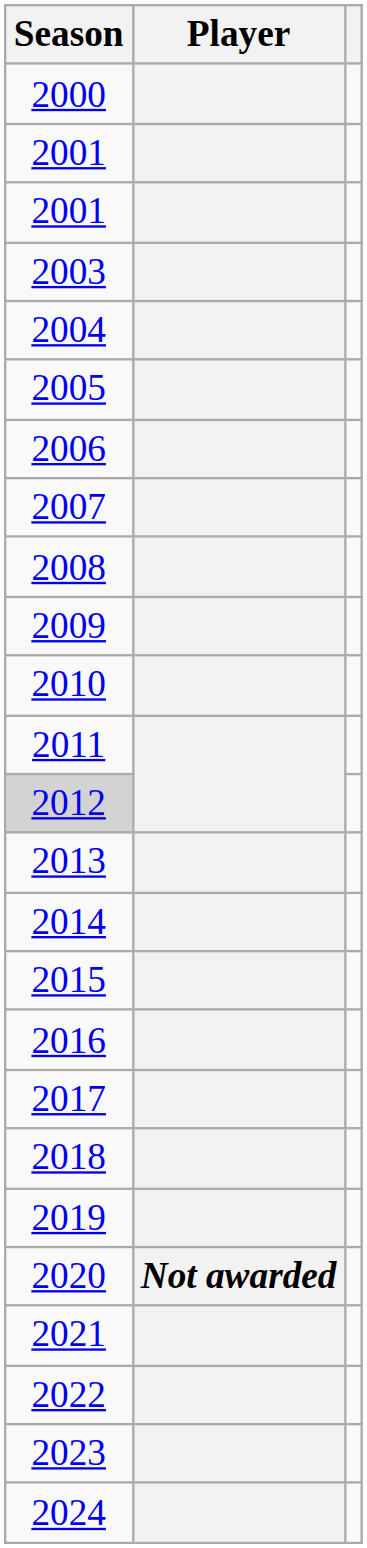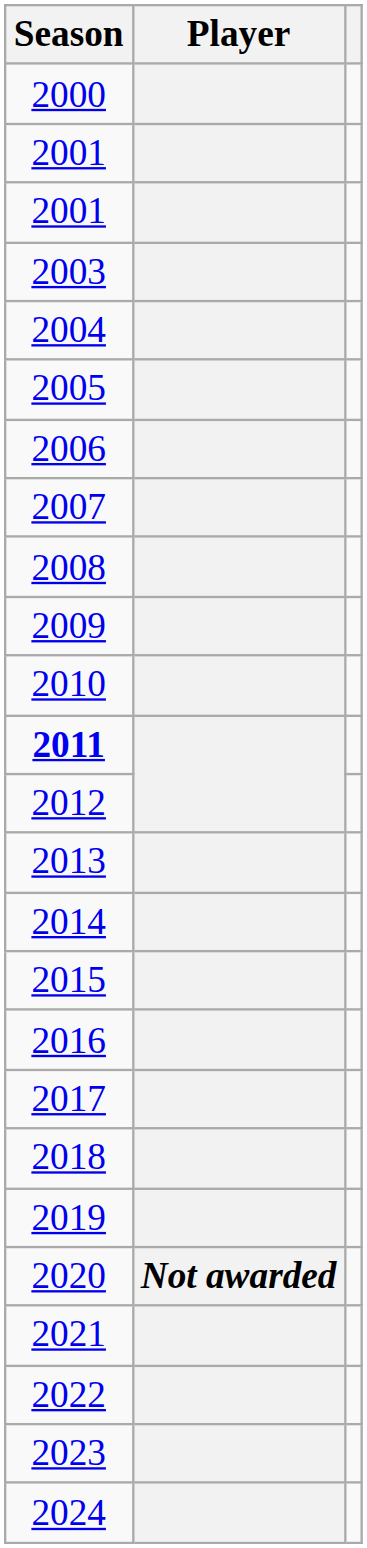 <table class="wikitable plainrowheaders sortable" style="text-align:center">
 <tr>
 <th scope="col">Season</th>
 <th scope="col">Player</th>
 <th scope="col" class="unsortable"></th>
 </tr>
 <tr>
 <td><a href='#'>2000</a></td>
 <th scope="row"></th>
 <td></td>
 </tr>
 <tr>
 <td><a href='#'>2001</a></td>
 <th scope="row"></th>
 <td></td>
 </tr>
 <tr>
 <td><a href='#'>2001</a></td>
 <th scope="row"></th>
 <td></td>
 </tr>
 <tr>
 <td><a href='#'>2003</a></td>
 <th scope="row"></th>
 <td></td>
 </tr>
 <tr>
 <td><a href='#'>2004</a></td>
 <th scope="row"></th>
 <td></td>
 </tr>
 <tr>
 <td><a href='#'>2005</a></td>
 <th scope="row"></th>
 <td></td>
 </tr>
 <tr>
 <td><a href='#'>2006</a></td>
 <th scope="row"></th>
 <td></td>
 </tr>
 <tr>
 <td><a href='#'>2007</a></td>
 <th scope="row"></th>
 <td></td>
 </tr>
 <tr>
 <td><a href='#'>2008</a></td>
 <th scope="row"></th>
 <td></td>
 </tr>
 <tr>
 <td><a href='#'>2009</a></td>
 <th scope="row"></th>
 <td></td>
 </tr>
 <tr>
 <td><a href='#'>2010</a></td>
 <th scope="row"></th>
 <td></td>
 </tr>
 <tr>
-<td><a href='#'>2011</a></td>
+<td><strong><a href='#'>2011</a></strong></td>
 <th scope="row" rowspan=2></th>
 <td></td>
 </tr>
 <tr>
-<td style="background: lightgrey;"><a href='#'>2012</a></td>
+<td><a href='#'>2012</a></td>
 <td></td>
 </tr>
 <tr>
 <td><a href='#'>2013</a></td>
 <th scope="row"></th>
 <td></td>
 </tr>
 <tr>
 <td><a href='#'>2014</a></td>
 <th scope="row"></th>
 <td></td>
 </tr>
 <tr>
 <td><a href='#'>2015</a></td>
 <th scope="row"></th>
 <td></td>
 </tr>
 <tr>
 <td><a href='#'>2016</a></td>
 <th scope="row"></th>
 <td></td>
 </tr>
 <tr>
 <td><a href='#'>2017</a></td>
 <th scope="row"></th>
 <td></td>
 </tr>
 <tr>
 <td><a href='#'>2018</a></td>
 <th scope="row"></th>
 <td></td>
 </tr>
 <tr>
 <td><a href='#'>2019</a></td>
 <th scope="row"></th>
 <td></td>
 </tr>
 <tr>
 <td><a href='#'>2020</a></td>
 <th scope="row"><em>Not awarded</em></th>
 <td></td>
 </tr>
 <tr>
 <td><a href='#'>2021</a></td>
 <th scope="row"></th>
 <td></td>
 </tr>
 <tr>
 <td><a href='#'>2022</a></td>
 <th scope="row"></th>
 <td></td>
 </tr>
 <tr>
 <td><a href='#'>2023</a></td>
 <th scope="row"></th>
 <td></td>
 </tr>
 <tr>
 <td><a href='#'>2024</a></td>
 <th scope="row"></th>
 <td></td>
 </tr>
 </table>
